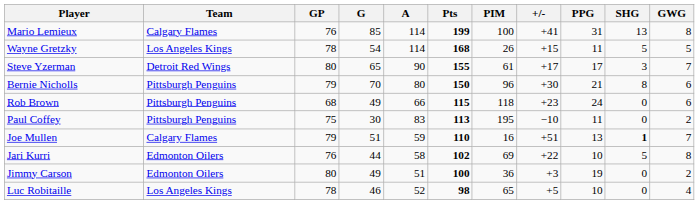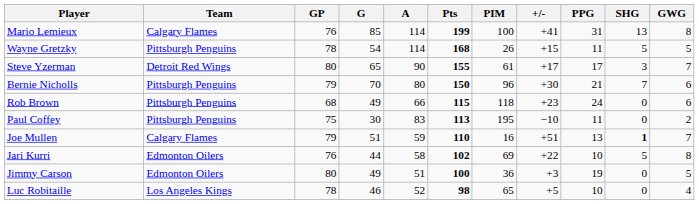 <table class="wikitable">
 <tr>
 <th style="align:left; width: 12em;">Player</th>
 <th style="align:left; width: 13em;">Team</th>
 <th style="width: 3.5em;">GP</th>
 <th style="width: 3.5em;">G</th>
 <th style="width: 3.5em;">A</th>
 <th style="width: 3.5em;">Pts</th>
 <th style="width: 3.5em;">PIM</th>
 <th style="width: 3.5em;">+/-</th>
 <th style="width: 3.5em;">PPG</th>
 <th style="width: 3.5em;">SHG</th>
 <th style="width: 3.5em;">GWG</th>
 </tr>
 <tr style="text-align:right;">
 <td style="text-align:left;"><a href='#'>Mario Lemieux</a></td>
 <td style="text-align:left;"><a href='#'>Calgary Flames</a></td>
 <td>76</td>
 <td>85</td>
 <td>114</td>
 <td><strong>199</strong></td>
 <td>100</td>
 <td>+41</td>
 <td>31</td>
 <td>13</td>
 <td>8</td>
 </tr>
 <tr style="text-align:right;">
 <td style="text-align:left;"><a href='#'>Wayne Gretzky</a></td>
-<td style="text-align:left;"><a href='#'>Los Angeles Kings</a></td>
+<td style="text-align:left;"><a href='#'>Pittsburgh Penguins</a></td>
 <td>78</td>
 <td>54</td>
 <td>114</td>
 <td><strong>168</strong></td>
 <td>26</td>
 <td>+15</td>
 <td>11</td>
 <td>5</td>
 <td>5</td>
 </tr>
 <tr style="text-align:right;">
 <td style="text-align:left;"><a href='#'>Steve Yzerman</a></td>
 <td style="text-align:left;"><a href='#'>Detroit Red Wings</a></td>
 <td>80</td>
 <td>65</td>
 <td>90</td>
 <td><strong>155</strong></td>
 <td>61</td>
 <td>+17</td>
 <td>17</td>
 <td>3</td>
 <td>7</td>
 </tr>
 <tr style="text-align:right;">
 <td style="text-align:left;"><a href='#'>Bernie Nicholls</a></td>
 <td style="text-align:left;"><a href='#'>Pittsburgh Penguins</a></td>
 <td>79</td>
 <td>70</td>
 <td>80</td>
 <td><strong>150</strong></td>
 <td>96</td>
 <td>+30</td>
 <td>21</td>
-<td>8</td>
+<td>7</td>
 <td>6</td>
 </tr>
 <tr style="text-align:right;">
 <td style="text-align:left;"><a href='#'>Rob Brown</a></td>
 <td style="text-align:left;"><a href='#'>Pittsburgh Penguins</a></td>
 <td>68</td>
 <td>49</td>
 <td>66</td>
 <td><strong>115</strong></td>
 <td>118</td>
 <td>+23</td>
 <td>24</td>
 <td>0</td>
 <td>6</td>
 </tr>
 <tr style="text-align:right;">
 <td style="text-align:left;"><a href='#'>Paul Coffey</a></td>
 <td style="text-align:left;"><a href='#'>Pittsburgh Penguins</a></td>
 <td>75</td>
 <td>30</td>
 <td>83</td>
 <td><strong>113</strong></td>
 <td>195</td>
 <td>−10</td>
 <td>11</td>
 <td>0</td>
 <td>2</td>
 </tr>
 <tr style="text-align:right;">
 <td style="text-align:left;"><a href='#'>Joe Mullen</a></td>
 <td style="text-align:left;"><a href='#'>Calgary Flames</a></td>
 <td>79</td>
 <td>51</td>
 <td>59</td>
 <td><strong>110</strong></td>
 <td>16</td>
 <td>+51</td>
 <td>13</td>
 <td><strong>1</strong></td>
 <td>7</td>
 </tr>
 <tr style="text-align:right;">
 <td style="text-align:left;"><a href='#'>Jari Kurri</a></td>
 <td style="text-align:left;"><a href='#'>Edmonton Oilers</a></td>
 <td>76</td>
 <td>44</td>
 <td>58</td>
 <td><strong>102</strong></td>
 <td>69</td>
 <td>+22</td>
 <td>10</td>
 <td>5</td>
 <td>8</td>
 </tr>
 <tr style="text-align:right;">
 <td style="text-align:left;"><a href='#'>Jimmy Carson</a></td>
 <td style="text-align:left;"><a href='#'>Edmonton Oilers</a></td>
 <td>80</td>
 <td>49</td>
 <td>51</td>
 <td><strong>100</strong></td>
 <td>36</td>
 <td>+3</td>
 <td>19</td>
 <td>0</td>
-<td>2</td>
+<td>5</td>
 </tr>
 <tr style="text-align:right;">
 <td style="text-align:left;"><a href='#'>Luc Robitaille</a></td>
 <td style="text-align:left;"><a href='#'>Los Angeles Kings</a></td>
 <td>78</td>
 <td>46</td>
 <td>52</td>
 <td><strong>98</strong></td>
 <td>65</td>
 <td>+5</td>
 <td>10</td>
 <td>0</td>
 <td>4</td>
 </tr>
 </table>
